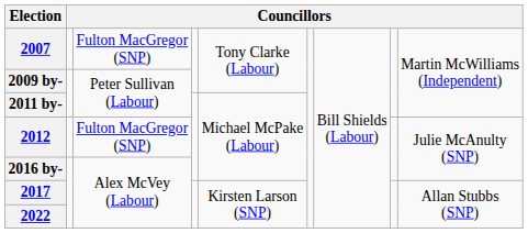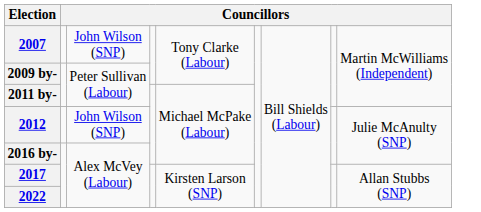 <table class="wikitable" style="text-align:center">
 <tr>
 <th>Election</th>
 <th colspan=8>Councillors</th>
 </tr>
 <tr>
 <th><a href='#'>2007</a></th>
 <td rowspan=1; style="background-color: "></td>
-<td rowspan=1><a href='#'>Fulton MacGregor</a><br>(<a href='#'>SNP</a>)</td>
+<td rowspan=1><a href='#'>John Wilson</a><br>(<a href='#'>SNP</a>)</td>
 <td rowspan=2; style="background-color: "></td>
 <td rowspan=2>Tony Clarke<br>(<a href='#'>Labour</a>)</td>
 <td rowspan=7; style="background-color: "></td>
 <td rowspan=7>Bill Shields<br>(<a href='#'>Labour</a>)</td>
 <td rowspan=3; style="background-color: "></td>
 <td rowspan=3>Martin McWilliams<br>(<a href='#'>Independent</a>)</td>
 </tr>
 <tr>
 <th>2009 by-</th>
 <td rowspan=2; style="background-color: "></td>
 <td rowspan=2>Peter Sullivan<br>(<a href='#'>Labour</a>)</td>
 </tr>
 <tr>
 <th>2011 by-</th>
 <td rowspan=3; style="background-color: "></td>
 <td rowspan=3>Michael McPake<br>(<a href='#'>Labour</a>)</td>
 </tr>
 <tr>
 <th><a href='#'>2012</a></th>
 <td rowspan=1; style="background-color: "></td>
-<td rowspan=1><a href='#'>Fulton MacGregor</a><br>(<a href='#'>SNP</a>)</td>
+<td rowspan=1><a href='#'>John Wilson</a><br>(<a href='#'>SNP</a>)</td>
 <td rowspan=2; style="background-color: "></td>
 <td rowspan=2>Julie McAnulty<br>(<a href='#'>SNP</a>)</td>
 </tr>
 <tr>
 <th>2016 by-</th>
 <td rowspan=3; style="background-color: "></td>
 <td rowspan=3>Alex McVey<br>(<a href='#'>Labour</a>)</td>
 </tr>
 <tr>
 <th><a href='#'>2017</a></th>
 <td rowspan=2; style="background-color: "></td>
 <td rowspan=2>Kirsten Larson<br>(<a href='#'>SNP</a>)</td>
 <td rowspan=2; style="background-color: "></td>
 <td rowspan=2>Allan Stubbs<br>(<a href='#'>SNP</a>)</td>
 </tr>
 <tr>
 <th><a href='#'>2022</a></th>
 </tr>
 </table>
